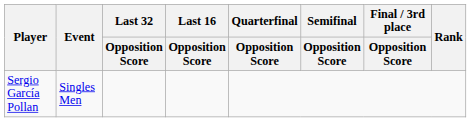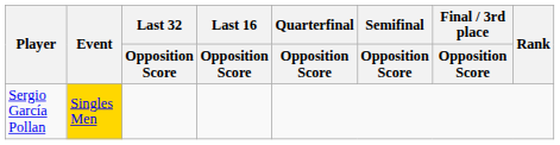 <table class="wikitable">
 <tr>
 <th rowspan=2>Player</th>
 <th rowspan=2>Event</th>
 <th>Last 32</th>
 <th>Last 16</th>
 <th>Quarterfinal</th>
 <th>Semifinal</th>
 <th>Final / 3rd place</th>
 <th rowspan=2>Rank</th>
 </tr>
 <tr>
 <th>Opposition<br>Score</th>
 <th>Opposition<br>Score</th>
 <th>Opposition<br>Score</th>
 <th>Opposition<br>Score</th>
 <th>Opposition<br>Score</th>
 </tr>
 <tr align=center>
 <td align=left><a href='#'>Sergio García Pollan</a></td>
-<td align=left><a href='#'>Singles Men</a></td>
+<td align=left style="background: gold;"><a href='#'>Singles Men</a></td>
 <td></td>
 <td></td>
 </tr>
 </table>
